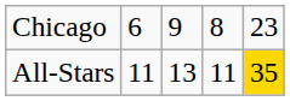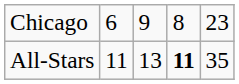 <table class="wikitable">
 <tr>
 <td>Chicago</td>
 <td>6</td>
 <td>9</td>
 <td>8</td>
 <td>23</td>
 </tr>
 <tr>
 <td>All-Stars</td>
 <td>11</td>
 <td>13</td>
-<td>11</td>
-<td style="background: gold;">35</td>
+<td><strong>11</strong></td>
+<td>35</td>
 </tr>
 </table>
